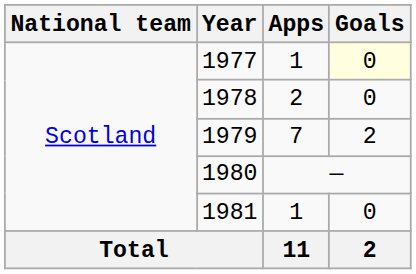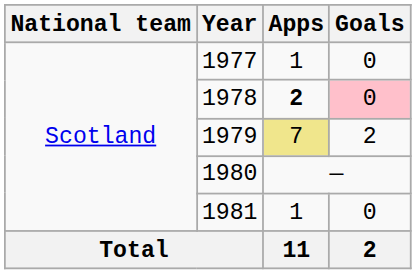 <table class="wikitable" style="text-align:center">
 <tr>
 <th>National team</th>
 <th>Year</th>
 <th>Apps</th>
 <th>Goals</th>
 </tr>
 <tr>
 <td rowspan="5"><a href='#'>Scotland</a></td>
 <td>1977</td>
 <td>1</td>
-<td style="background: lightyellow;">0</td>
+<td>0</td>
 </tr>
 <tr>
 <td>1978</td>
-<td>2</td>
-<td>0</td>
+<td><strong>2</strong></td>
+<td style="background: pink;">0</td>
 </tr>
 <tr>
 <td>1979</td>
-<td>7</td>
+<td style="background: khaki;">7</td>
 <td>2</td>
 </tr>
 <tr>
 <td>1980</td>
 <td colspan="2">—</td>
 </tr>
 <tr>
 <td>1981</td>
 <td>1</td>
 <td>0</td>
 </tr>
 <tr>
 <th colspan="2">Total</th>
 <th>11</th>
 <th>2</th>
 </tr>
 </table>
